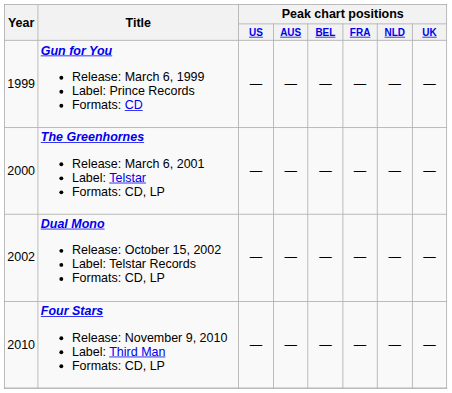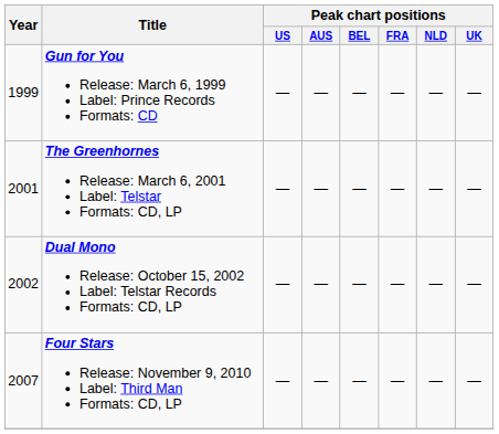 <table class="wikitable">
 <tr>
 <th rowspan="2">Year</th>
 <th rowspan="2" width="250">Title</th>
 <th colspan="6">Peak chart positions</th>
 </tr>
 <tr>
 <th style="width:3em;font-size:80%"><a href='#'>US</a><br></th>
 <th style="width:3em;font-size:80%"><a href='#'>AUS</a><br></th>
 <th style="width:3em;font-size:80%"><a href='#'>BEL</a><br></th>
 <th style="width:3em;font-size:80%"><a href='#'>FRA</a><br></th>
 <th style="width:3em;font-size:80%"><a href='#'>NLD</a><br></th>
 <th style="width:3em;font-size:80%"><a href='#'>UK</a><br></th>
 </tr>
 <tr>
 <td rowspan="1" align="center">1999</td>
 <td><strong><em><a href='#'>Gun for You</a></em></strong><br><ul><li>Release: March 6, 1999</li><li>Label: Prince Records</li><li>Formats: <a href='#'>CD</a></li></ul></td>
 <td align="center">—</td>
 <td align="center">—</td>
 <td align="center">—</td>
 <td align="center">—</td>
 <td align="center">—</td>
 <td align="center">—</td>
 </tr>
 <tr>
-<td rowspan="1" align="center">2000</td>
+<td rowspan="1" align="center">2001</td>
 <td><strong><em><a href='#'>The Greenhornes</a></em></strong><br><ul><li>Release: March 6, 2001</li><li>Label: <a href='#'>Telstar</a></li><li>Formats: CD, LP</li></ul></td>
 <td align="center">—</td>
 <td align="center">—</td>
 <td align="center">—</td>
 <td align="center">—</td>
 <td align="center">—</td>
 <td align="center">—</td>
 </tr>
 <tr>
 <td rowspan="1" align="center">2002</td>
 <td><strong><em><a href='#'>Dual Mono</a></em></strong><br><ul><li>Release: October 15, 2002</li><li>Label: Telstar Records</li><li>Formats: CD, LP</li></ul></td>
 <td align="center">—</td>
 <td align="center">—</td>
 <td align="center">—</td>
 <td align="center">—</td>
 <td align="center">—</td>
 <td align="center">—</td>
 </tr>
 <tr>
-<td rowspan="1" align="center">2010</td>
+<td rowspan="1" align="center">2007</td>
 <td><strong><em><a href='#'>Four Stars</a></em></strong><br><ul><li>Release: November 9, 2010</li><li>Label: <a href='#'>Third Man</a></li><li>Formats: CD, LP</li></ul></td>
 <td align="center">—</td>
 <td align="center">—</td>
 <td align="center">—</td>
 <td align="center">—</td>
 <td align="center">—</td>
 <td align="center">—</td>
 </tr>
 <tr>
 </tr>
 <tr>
 </tr>
 </table>
